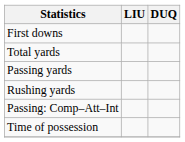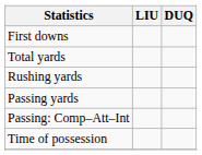 <table class="wikitable" style="float: left;">
 <tr>
 <th>Statistics</th>
 <th>LIU</th>
 <th>DUQ</th>
 </tr>
 <tr>
 <td>First downs</td>
 <td></td>
 <td></td>
 </tr>
 <tr>
 <td>Total yards</td>
 <td></td>
 <td></td>
 </tr>
 <tr>
-<td>Passing yards</td>
+<td>Rushing yards</td>
 <td></td>
 <td></td>
 </tr>
 <tr>
-<td>Rushing yards</td>
+<td>Passing yards</td>
 <td></td>
 <td></td>
 </tr>
 <tr>
 <td>Passing: Comp–Att–Int</td>
 <td></td>
 <td></td>
 </tr>
 <tr>
 <td>Time of possession</td>
 <td></td>
 <td></td>
 </tr>
 <tr>
 </tr>
 </table>
